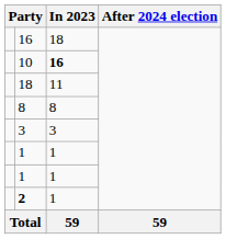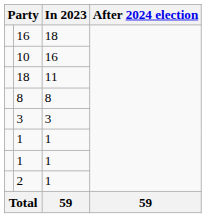 <table class="wikitable">
 <tr>
 <th colspan="2">Party</th>
 <th>In 2023</th>
 <th>After <a href='#'>2024 election</a></th>
 </tr>
 <tr>
 <td></td>
 <td>16</td>
 <td>18</td>
 </tr>
 <tr>
 <td></td>
 <td>10</td>
-<td><strong>16</strong></td>
+<td>16</td>
 </tr>
 <tr>
 <td></td>
 <td>18</td>
 <td>11</td>
 </tr>
 <tr>
 <td></td>
 <td>8</td>
 <td>8</td>
 </tr>
 <tr>
 <td></td>
 <td>3</td>
 <td>3</td>
 </tr>
 <tr>
 <td></td>
 <td>1</td>
 <td>1</td>
 </tr>
 <tr>
 <td></td>
 <td>1</td>
 <td>1</td>
 </tr>
 <tr>
 <td></td>
-<td><strong>2</strong></td>
+<td>2</td>
 <td>1</td>
 </tr>
 <tr>
 <th colspan="2">Total</th>
 <th>59</th>
 <th>59</th>
 </tr>
 </table>
